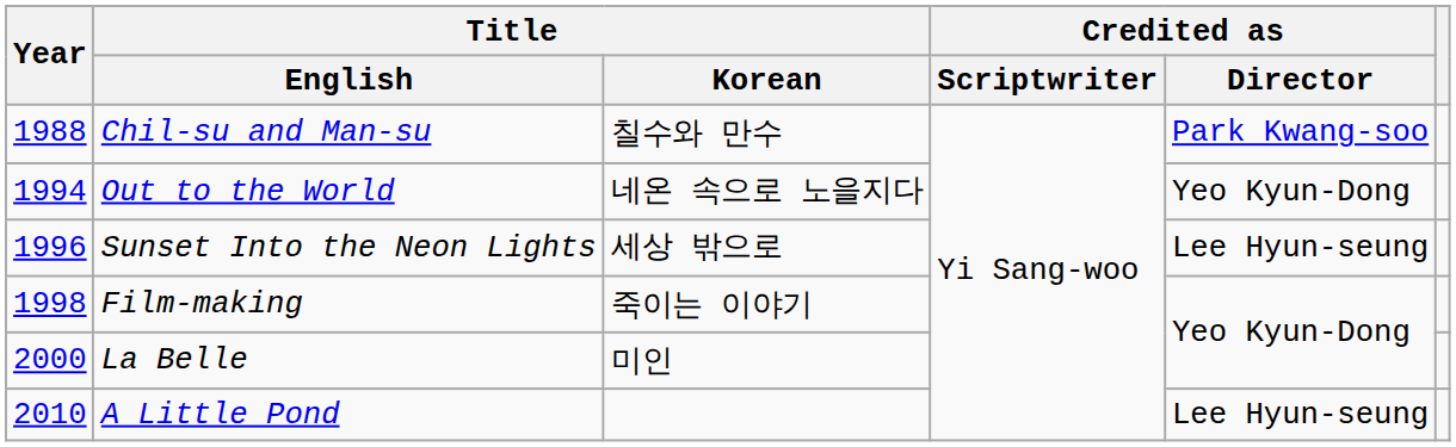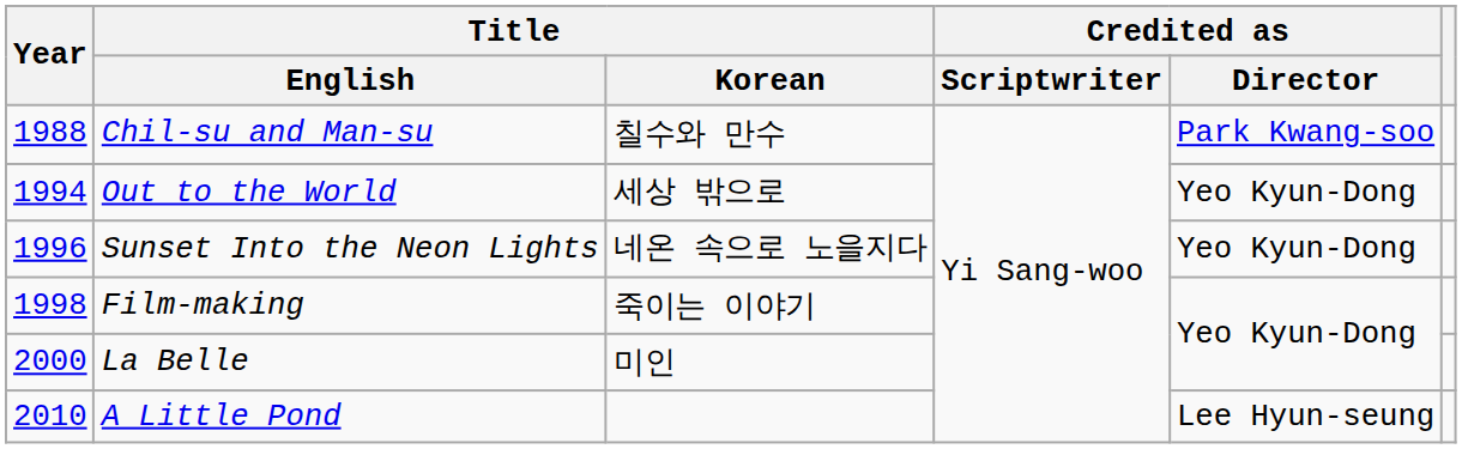 <table class="wikitable sortable plainrowheaders" style="text-align:left; font-size:100%;">
 <tr>
 <th scope="col" rowspan="2">Year</th>
 <th scope="col" colspan="2">Title</th>
 <th scope="col" colspan="2">Credited as</th>
 <th scope="col" rowspan="2" class="unsortable"></th>
 </tr>
 <tr>
 <th>English</th>
 <th>Korean</th>
 <th>Scriptwriter</th>
 <th>Director</th>
 </tr>
 <tr>
 <td><a href='#'>1988</a></td>
 <td><em><a href='#'>Chil-su and Man-su</a></em></td>
 <td>칠수와 만수</td>
 <td rowspan="6">Yi Sang-woo</td>
 <td><a href='#'>Park Kwang-soo</a></td>
 <td></td>
 </tr>
 <tr>
 <td><a href='#'>1994</a></td>
 <td><em><a href='#'>Out to the World</a></em></td>
-<td>네온 속으로 노을지다</td>
+<td>세상 밖으로</td>
 <td>Yeo Kyun-Dong</td>
 <td></td>
 </tr>
 <tr>
 <td><a href='#'>1996</a></td>
 <td><em>Sunset Into the Neon Lights</em></td>
-<td>세상 밖으로</td>
-<td>Lee Hyun-seung</td>
+<td>네온 속으로 노을지다</td>
+<td>Yeo Kyun-Dong</td>
 <td></td>
 </tr>
 <tr>
 <td><a href='#'>1998</a></td>
 <td><em>Film-making</em></td>
 <td>죽이는 이야기</td>
 <td rowspan="2">Yeo Kyun-Dong</td>
 <td></td>
 </tr>
 <tr>
 <td><a href='#'>2000</a></td>
 <td><em>La Belle</em></td>
 <td>미인</td>
 <td></td>
 </tr>
 <tr>
 <td><a href='#'>2010</a></td>
 <td><em><a href='#'>A Little Pond</a></em></td>
 <td></td>
 <td>Lee Hyun-seung</td>
 <td></td>
 </tr>
 </table>
